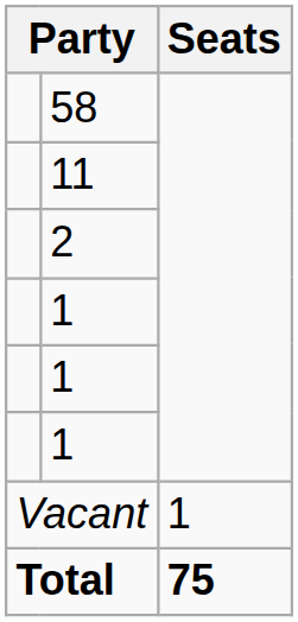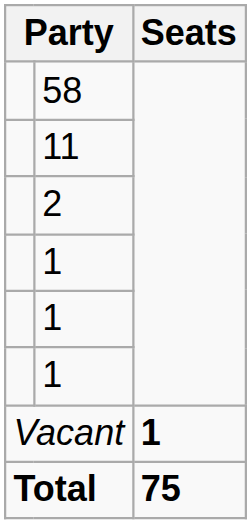 <table class="wikitable">
 <tr>
 <th colspan=2>Party</th>
 <th>Seats</th>
 </tr>
 <tr>
 <td></td>
 <td>58</td>
 </tr>
 <tr>
 <td></td>
 <td>11</td>
 </tr>
 <tr>
 <td></td>
 <td>2</td>
 </tr>
 <tr>
 <td></td>
 <td>1</td>
 </tr>
 <tr>
 <td></td>
 <td>1</td>
 </tr>
 <tr>
 <td></td>
 <td>1</td>
 </tr>
 <tr>
 <td colspan="2"><em>Vacant</em></td>
-<td>1</td>
+<td><strong>1</strong></td>
 </tr>
 <tr>
 <td colspan="2"><strong>Total</strong></td>
 <td><strong>75</strong></td>
 </tr>
 </table>
